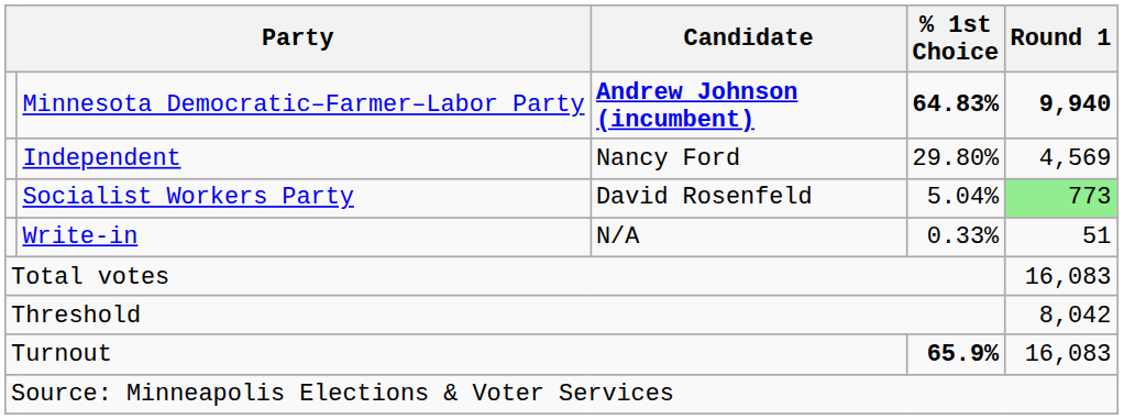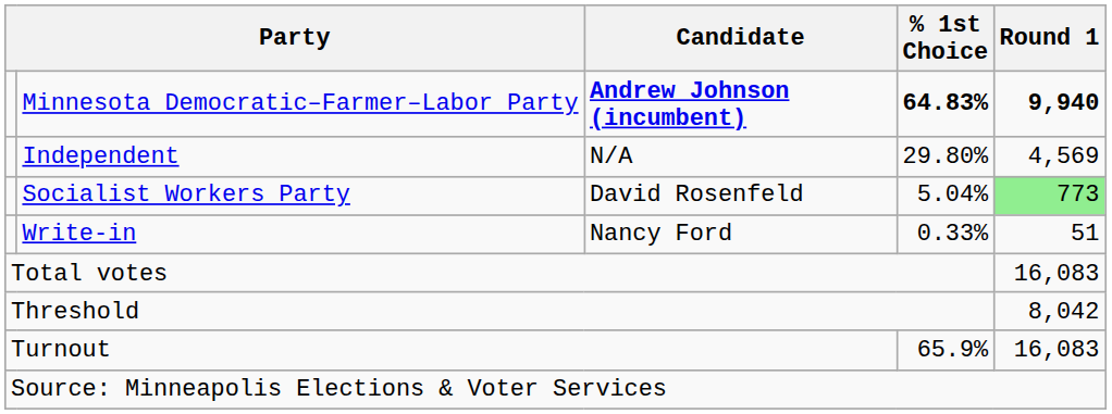 <table class="wikitable">
 <tr>
 <th colspan="2" style="width:290px">Party</th>
 <th style="width:165px">Candidate</th>
 <th>% 1st<br>Choice</th>
 <th>Round 1</th>
 </tr>
 <tr>
 <td style="background-color:"></td>
 <td><a href='#'>Minnesota Democratic–Farmer–Labor Party</a></td>
 <td><strong><a href='#'>Andrew Johnson (incumbent)</a></strong></td>
 <td align="right"><strong>64.83%</strong></td>
 <td align="right"><strong>9,940</strong></td>
 </tr>
 <tr>
 <td style="background-color:"></td>
 <td><a href='#'>Independent</a></td>
-<td>Nancy Ford</td>
+<td>N/A</td>
 <td align="right">29.80%</td>
 <td align="right">4,569</td>
 </tr>
 <tr>
 <td style="background-color:"></td>
 <td><a href='#'>Socialist Workers Party</a></td>
 <td>David Rosenfeld</td>
 <td align="right">5.04%</td>
 <td align="right" style="background: lightgreen;">773</td>
 </tr>
 <tr>
 <td style="background-color:"></td>
 <td><a href='#'>Write-in</a></td>
-<td>N/A</td>
+<td>Nancy Ford</td>
 <td align="right">0.33%</td>
 <td align="right">51</td>
 </tr>
 <tr>
 <td colspan="4">Total votes</td>
 <td align="right">16,083</td>
 </tr>
 <tr>
 <td colspan="4">Threshold</td>
 <td align="right">8,042</td>
 </tr>
 <tr>
 <td colspan="3">Turnout</td>
-<td align="right"><strong>65.9%</strong></td>
+<td align="right">65.9%</td>
 <td align="right">16,083</td>
 </tr>
 <tr>
 <td colspan="8">Source: Minneapolis Elections & Voter Services</td>
 </tr>
 </table>
